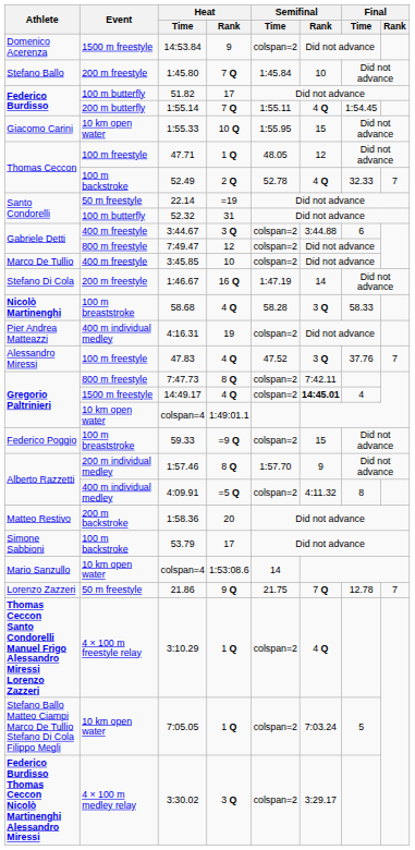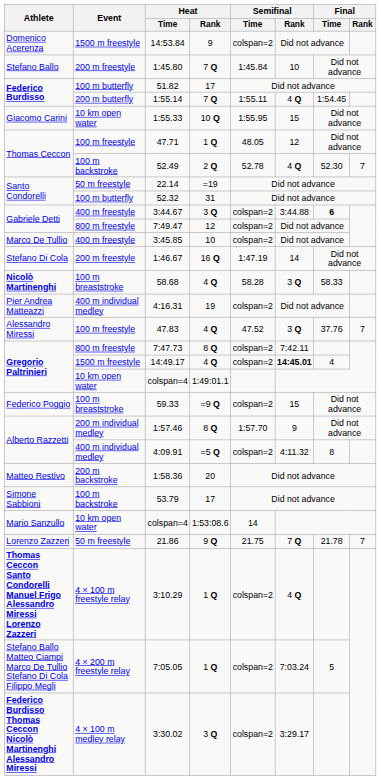 <table class=wikitable style="font-size:90%">
 <tr>
 <th rowspan="2">Athlete</th>
 <th rowspan="2">Event</th>
 <th colspan="2">Heat</th>
 <th colspan="2">Semifinal</th>
 <th colspan="2">Final</th>
 </tr>
 <tr style="font-size:95%">
 <th>Time</th>
 <th>Rank</th>
 <th>Time</th>
 <th>Rank</th>
 <th>Time</th>
 <th>Rank</th>
 </tr>
 <tr align=center>
 <td align=left><a href='#'>Domenico Acerenza</a></td>
 <td align=left><a href='#'>1500 m freestyle</a></td>
 <td>14:53.84</td>
 <td>9</td>
 <td>colspan=2 </td>
 <td colspan="2">Did not advance</td>
 </tr>
 <tr align=center>
 <td align=left><a href='#'>Stefano Ballo</a></td>
 <td align=left><a href='#'>200 m freestyle</a></td>
 <td>1:45.80</td>
 <td>7 <strong>Q</strong></td>
 <td>1:45.84</td>
 <td>10</td>
 <td colspan="2">Did not advance</td>
 </tr>
 <tr align=center>
 <td align=left rowspan=2><strong><a href='#'>Federico Burdisso</a></strong></td>
 <td align=left><a href='#'>100 m butterfly</a></td>
 <td>51.82</td>
 <td>17</td>
 <td colspan="4">Did not advance</td>
 </tr>
 <tr align=center>
 <td align=left><a href='#'>200 m butterfly</a></td>
 <td>1:55.14</td>
 <td>7 <strong>Q</strong></td>
 <td>1:55.11</td>
 <td>4 <strong>Q</strong></td>
 <td>1:54.45</td>
 <td></td>
 </tr>
 <tr align=center>
 <td align=left><a href='#'>Giacomo Carini</a></td>
 <td align=left><a href='#'>10 km open water</a></td>
 <td>1:55.33</td>
 <td>10 <strong>Q</strong></td>
 <td>1:55.95</td>
 <td>15</td>
 <td colspan="2">Did not advance</td>
 </tr>
 <tr align=center>
 <td align=left rowspan=2><a href='#'>Thomas Ceccon</a></td>
 <td align=left><a href='#'>100 m freestyle</a></td>
 <td>47.71</td>
 <td>1 <strong>Q</strong></td>
 <td>48.05</td>
 <td>12</td>
 <td colspan="2">Did not advance</td>
 </tr>
 <tr align=center>
 <td align=left><a href='#'>100 m backstroke</a></td>
 <td>52.49</td>
 <td>2 <strong>Q</strong></td>
 <td>52.78</td>
 <td>4 <strong>Q</strong></td>
-<td>32.33</td>
+<td>52.30</td>
 <td>7</td>
 </tr>
 <tr align=center>
 <td align=left rowspan=2><a href='#'>Santo Condorelli</a></td>
 <td align=left><a href='#'>50 m freestyle</a></td>
 <td>22.14</td>
 <td>=19</td>
 <td colspan="4">Did not advance</td>
 </tr>
 <tr align=center>
 <td align=left><a href='#'>100 m butterfly</a></td>
 <td>52.32</td>
 <td>31</td>
 <td colspan="4">Did not advance</td>
 </tr>
 <tr align=center>
 <td align=left rowspan=2><a href='#'>Gabriele Detti</a></td>
 <td align=left><a href='#'>400 m freestyle</a></td>
 <td>3:44.67</td>
 <td>3 <strong>Q</strong></td>
 <td>colspan=2 </td>
 <td>3:44.88</td>
-<td>6</td>
+<td><strong>6</strong></td>
 </tr>
 <tr align=center>
 <td align=left><a href='#'>800 m freestyle</a></td>
 <td>7:49.47</td>
 <td>12</td>
 <td>colspan=2 </td>
 <td colspan="2">Did not advance</td>
 </tr>
 <tr align=center>
 <td align=left><a href='#'>Marco De Tullio</a></td>
 <td align=left><a href='#'>400 m freestyle</a></td>
 <td>3:45.85</td>
 <td>10</td>
 <td>colspan=2 </td>
 <td colspan="2">Did not advance</td>
 </tr>
 <tr align=center>
 <td align=left><a href='#'>Stefano Di Cola</a></td>
 <td align=left><a href='#'>200 m freestyle</a></td>
 <td>1:46.67</td>
 <td>16 <strong>Q</strong></td>
 <td>1:47.19</td>
 <td>14</td>
 <td colspan="2">Did not advance</td>
 </tr>
 <tr align=center>
 <td align=left><strong><a href='#'>Nicolò Martinenghi</a></strong></td>
 <td align=left><a href='#'>100 m breaststroke</a></td>
 <td>58.68</td>
 <td>4 <strong>Q</strong></td>
 <td>58.28</td>
 <td>3 <strong>Q</strong></td>
 <td>58.33</td>
 <td></td>
 </tr>
 <tr align=center>
 <td align=left><a href='#'>Pier Andrea Matteazzi</a></td>
 <td align=left><a href='#'>400 m individual medley</a></td>
 <td>4:16.31</td>
 <td>19</td>
 <td>colspan=2 </td>
 <td colspan="2">Did not advance</td>
 </tr>
 <tr align=center>
 <td align=left><a href='#'>Alessandro Miressi</a></td>
 <td align=left><a href='#'>100 m freestyle</a></td>
 <td>47.83</td>
 <td>4 <strong>Q</strong></td>
 <td>47.52</td>
 <td>3 <strong>Q</strong></td>
 <td>37.76</td>
 <td>7</td>
 </tr>
 <tr align=center>
 <td align=left rowspan=3><strong><a href='#'>Gregorio Paltrinieri</a></strong></td>
 <td align=left><a href='#'>800 m freestyle</a></td>
 <td>7:47.73</td>
 <td>8 <strong>Q</strong></td>
 <td>colspan=2 </td>
 <td>7:42.11</td>
 <td></td>
 </tr>
 <tr align=center>
 <td align=left><a href='#'>1500 m freestyle</a></td>
 <td>14:49.17</td>
 <td>4 <strong>Q</strong></td>
 <td>colspan=2 </td>
 <td><strong>14:45.01</strong></td>
 <td>4</td>
 </tr>
 <tr align=center>
 <td align=left><a href='#'>10 km open water</a></td>
 <td>colspan=4 </td>
 <td>1:49:01.1</td>
 <td></td>
 </tr>
 <tr align=center>
 <td align=left><a href='#'>Federico Poggio</a></td>
 <td align=left><a href='#'>100 m breaststroke</a></td>
 <td>59.33</td>
 <td>=9 <strong>Q</strong></td>
 <td>colspan=2 </td>
 <td>15</td>
 <td colspan="2">Did not advance</td>
 </tr>
 <tr align=center>
 <td align=left rowspan=2><a href='#'>Alberto Razzetti</a></td>
 <td align=left><a href='#'>200 m individual medley</a></td>
 <td>1:57.46</td>
 <td>8 <strong>Q</strong></td>
 <td>1:57.70</td>
 <td>9</td>
 <td colspan="2">Did not advance</td>
 </tr>
 <tr align=center>
 <td align=left><a href='#'>400 m individual medley</a></td>
 <td>4:09.91</td>
 <td>=5 <strong>Q</strong></td>
 <td>colspan=2 </td>
 <td>4:11.32</td>
 <td>8</td>
 </tr>
 <tr align=center>
 <td align=left><a href='#'>Matteo Restivo</a></td>
 <td align=left><a href='#'>200 m backstroke</a></td>
 <td>1:58.36</td>
 <td>20</td>
 <td colspan="4">Did not advance</td>
 </tr>
 <tr align=center>
 <td align=left><a href='#'>Simone Sabbioni</a></td>
 <td align=left><a href='#'>100 m backstroke</a></td>
 <td>53.79</td>
 <td>17</td>
 <td colspan="4">Did not advance</td>
 </tr>
 <tr align=center>
 <td align=left><a href='#'>Mario Sanzullo</a></td>
 <td align=left><a href='#'>10 km open water</a></td>
 <td>colspan=4 </td>
 <td>1:53:08.6</td>
 <td>14</td>
 </tr>
 <tr align=center>
 <td align=left><a href='#'>Lorenzo Zazzeri</a></td>
 <td align=left><a href='#'>50 m freestyle</a></td>
 <td>21.86</td>
 <td>9 <strong>Q</strong></td>
 <td>21.75</td>
 <td>7 <strong>Q</strong></td>
-<td>12.78</td>
+<td>21.78</td>
 <td>7</td>
 </tr>
 <tr align=center>
 <td align=left><strong><a href='#'>Thomas Ceccon</a><br><a href='#'>Santo Condorelli</a><br><a href='#'>Manuel Frigo</a><br><a href='#'>Alessandro Miressi</a><br><a href='#'>Lorenzo Zazzeri</a></strong></td>
 <td align=left><a href='#'>4 × 100 m freestyle relay</a></td>
 <td>3:10.29</td>
 <td>1 <strong>Q</strong></td>
 <td>colspan=2 </td>
 <td>4 <strong>Q</strong></td>
 <td></td>
 </tr>
 <tr align=center>
 <td align=left><a href='#'>Stefano Ballo</a><br><a href='#'>Matteo Ciampi</a><br><a href='#'>Marco De Tullio</a><br><a href='#'>Stefano Di Cola</a><br><a href='#'>Filippo Megli</a></td>
-<td align=left><a href='#'>10 km open water</a></td>
+<td align=left><a href='#'>4 × 200 m freestyle relay</a></td>
 <td>7:05.05</td>
 <td>1 <strong>Q</strong></td>
 <td>colspan=2 </td>
 <td>7:03.24</td>
 <td>5</td>
 </tr>
 <tr align=center>
 <td align=left><strong><a href='#'>Federico Burdisso</a><br><a href='#'>Thomas Ceccon</a><br><a href='#'>Nicolò Martinenghi</a><br><a href='#'>Alessandro Miressi</a></strong></td>
 <td align=left><a href='#'>4 × 100 m medley relay</a></td>
 <td>3:30.02</td>
 <td>3 <strong>Q</strong></td>
 <td>colspan=2 </td>
 <td>3:29.17</td>
 <td></td>
 </tr>
 </table>
